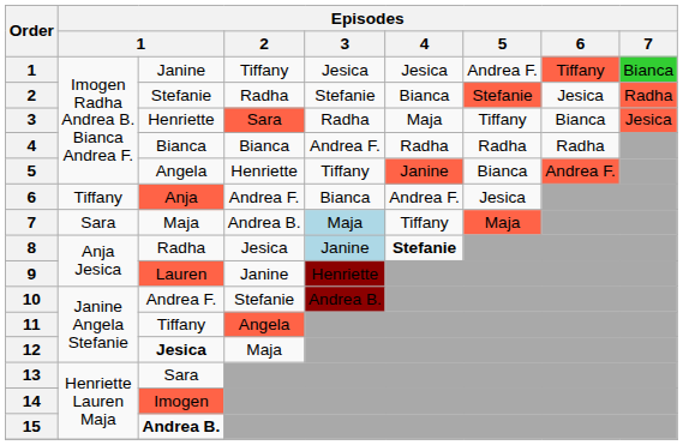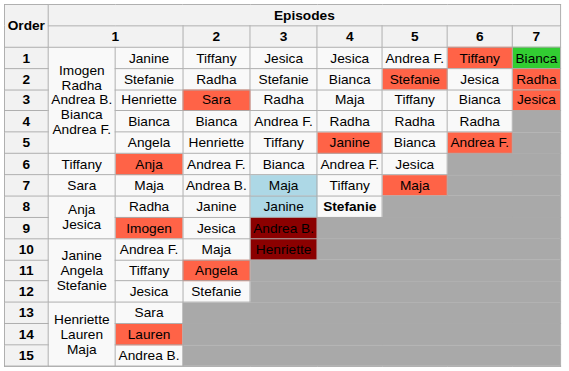 <table class="wikitable" style="text-align:center; font-size:92%">
 <tr>
 <th rowspan=2>Order</th>
 <th colspan="10">Episodes</th>
 </tr>
 <tr>
 <th colspan="2">1</th>
 <th>2</th>
 <th>3</th>
 <th>4</th>
 <th>5</th>
 <th>6</th>
 <th>7</th>
 </tr>
 <tr>
 <th>1</th>
 <td rowspan="5">Imogen<br>Radha<br>Andrea B.<br>Bianca<br>Andrea F.</td>
 <td>Janine</td>
 <td>Tiffany</td>
 <td>Jesica</td>
 <td>Jesica</td>
 <td>Andrea F.</td>
 <td bgcolor="tomato">Tiffany</td>
 <td bgcolor="LimeGreen">Bianca</td>
 </tr>
 <tr>
 <th>2</th>
 <td>Stefanie</td>
 <td>Radha</td>
 <td>Stefanie</td>
 <td>Bianca</td>
 <td bgcolor="tomato">Stefanie</td>
 <td>Jesica</td>
 <td bgcolor="tomato">Radha</td>
 </tr>
 <tr>
 <th>3</th>
 <td>Henriette</td>
 <td bgcolor="tomato">Sara</td>
 <td>Radha</td>
 <td>Maja</td>
 <td>Tiffany</td>
 <td>Bianca</td>
 <td bgcolor="tomato">Jesica</td>
 </tr>
 <tr>
 <th>4</th>
 <td>Bianca</td>
 <td>Bianca</td>
 <td>Andrea F.</td>
 <td>Radha</td>
 <td>Radha</td>
 <td>Radha</td>
 <td colspan="2" bgcolor="darkgray"></td>
 </tr>
 <tr>
 <th>5</th>
 <td>Angela</td>
 <td>Henriette</td>
 <td>Tiffany</td>
 <td bgcolor="tomato">Janine</td>
 <td>Bianca</td>
 <td bgcolor="tomato">Andrea F.</td>
 <td bgcolor="darkgray" colspan=3></td>
 </tr>
 <tr>
 <th>6</th>
 <td>Tiffany</td>
 <td bgcolor="tomato">Anja</td>
 <td>Andrea F.</td>
 <td>Bianca</td>
 <td>Andrea F.</td>
 <td>Jesica</td>
 <td bgcolor="darkgray" colspan=4></td>
 </tr>
 <tr>
 <th>7</th>
 <td>Sara</td>
 <td>Maja</td>
 <td>Andrea B.</td>
 <td bgcolor="lightblue">Maja</td>
 <td>Tiffany</td>
 <td bgcolor="tomato">Maja</td>
 <td bgcolor="darkgray" colspan=4></td>
 </tr>
 <tr>
 <th>8</th>
 <td rowspan="2">Anja<br>Jesica</td>
 <td>Radha</td>
-<td>Jesica</td>
+<td>Janine</td>
 <td bgcolor="lightblue">Janine</td>
 <td><strong>Stefanie</strong></td>
 <td bgcolor="darkgray" colspan=5></td>
 </tr>
 <tr>
 <th>9</th>
-<td bgcolor="tomato">Lauren</td>
-<td>Janine</td>
-<td bgcolor="darkred"><span>Henriette</span></td>
+<td bgcolor="tomato">Imogen</td>
+<td>Jesica</td>
+<td bgcolor="darkred"><span>Andrea B.</span></td>
 <td colspan="6" bgcolor="darkgray"></td>
 </tr>
 <tr>
 <th>10</th>
 <td rowspan="3">Janine<br>Angela<br>Stefanie</td>
 <td>Andrea F.</td>
-<td>Stefanie</td>
-<td bgcolor="darkred"><span>Andrea B.</span></td>
+<td>Maja</td>
+<td bgcolor="darkred"><span>Henriette</span></td>
 <td colspan="6" bgcolor="darkgray"></td>
 </tr>
 <tr>
 <th>11</th>
 <td>Tiffany</td>
 <td bgcolor="tomato">Angela</td>
 <td bgcolor="darkgray" colspan=7></td>
 </tr>
 <tr>
 <th>12</th>
-<td><strong>Jesica</strong></td>
-<td>Maja</td>
+<td>Jesica</td>
+<td>Stefanie</td>
 <td colspan="7" bgcolor="darkgray"></td>
 </tr>
 <tr>
 <th>13</th>
 <td rowspan="3">Henriette<br>Lauren<br>Maja</td>
 <td>Sara</td>
 <td bgcolor="darkgray" colspan=8></td>
 </tr>
 <tr>
 <th>14</th>
-<td bgcolor="tomato">Imogen</td>
+<td bgcolor="tomato">Lauren</td>
 <td bgcolor="darkgray" colspan=8></td>
 </tr>
 <tr>
 <th>15</th>
-<td><strong>Andrea B.</strong></td>
+<td>Andrea B.</td>
 <td bgcolor="darkgray" colspan=8></td>
 </tr>
 <tr>
 </tr>
 </table>
